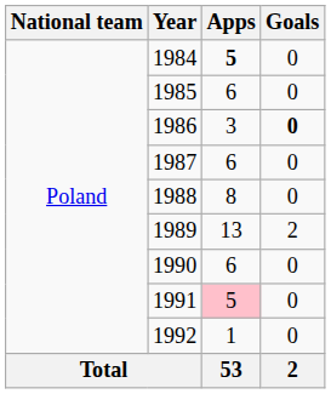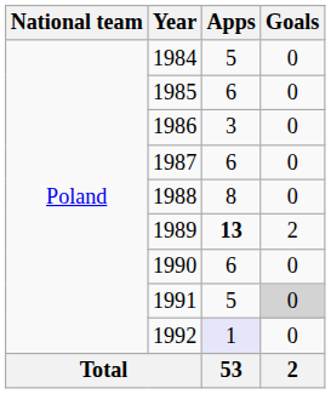 <table class="wikitable" style="text-align:center">
 <tr>
 <th>National team</th>
 <th>Year</th>
 <th>Apps</th>
 <th>Goals</th>
 </tr>
 <tr>
 <td rowspan="9"><a href='#'>Poland</a></td>
 <td>1984</td>
-<td><strong>5</strong></td>
+<td>5</td>
 <td>0</td>
 </tr>
 <tr>
 <td>1985</td>
 <td>6</td>
 <td>0</td>
 </tr>
 <tr>
 <td>1986</td>
 <td>3</td>
-<td><strong>0</strong></td>
+<td>0</td>
 </tr>
 <tr>
 <td>1987</td>
 <td>6</td>
 <td>0</td>
 </tr>
 <tr>
 <td>1988</td>
 <td>8</td>
 <td>0</td>
 </tr>
 <tr>
 <td>1989</td>
-<td>13</td>
+<td><strong>13</strong></td>
 <td>2</td>
 </tr>
 <tr>
 <td>1990</td>
 <td>6</td>
 <td>0</td>
 </tr>
 <tr>
 <td>1991</td>
-<td style="background: pink;">5</td>
-<td>0</td>
+<td>5</td>
+<td style="background: lightgrey;">0</td>
 </tr>
 <tr>
 <td>1992</td>
-<td>1</td>
+<td style="background: lavender;">1</td>
 <td>0</td>
 </tr>
 <tr>
 <th colspan="2">Total</th>
 <th>53</th>
 <th>2</th>
 </tr>
 </table>
